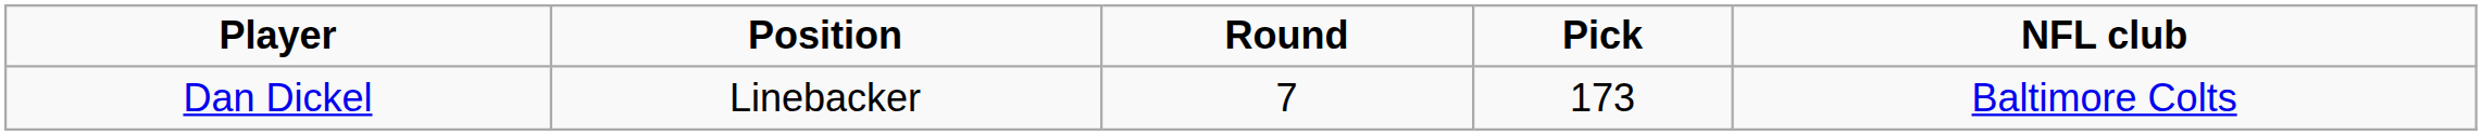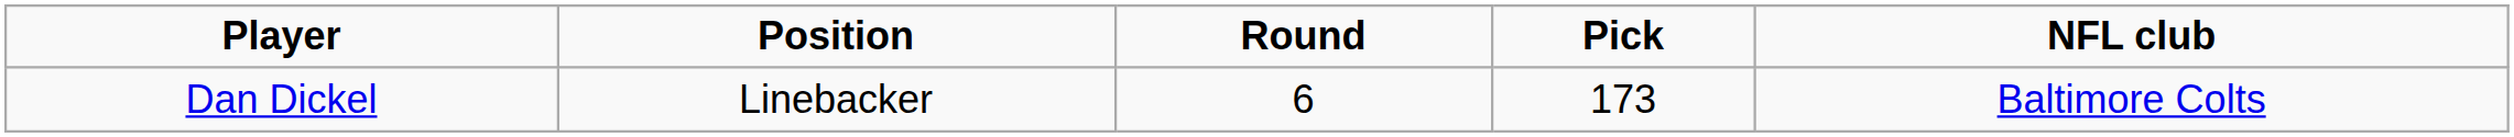 <table class="wikitable" width="80%">
 <tr align="center">
 <td><strong>Player</strong></td>
 <td><strong>Position</strong></td>
 <td><strong>Round</strong></td>
 <td><strong>Pick</strong></td>
 <td><strong>NFL club</strong></td>
 </tr>
 <tr align="center" bgcolor="">
 <td><a href='#'>Dan Dickel</a></td>
 <td>Linebacker</td>
-<td>7</td>
+<td>6</td>
 <td>173</td>
 <td><a href='#'>Baltimore Colts</a></td>
 </tr>
 </table>
